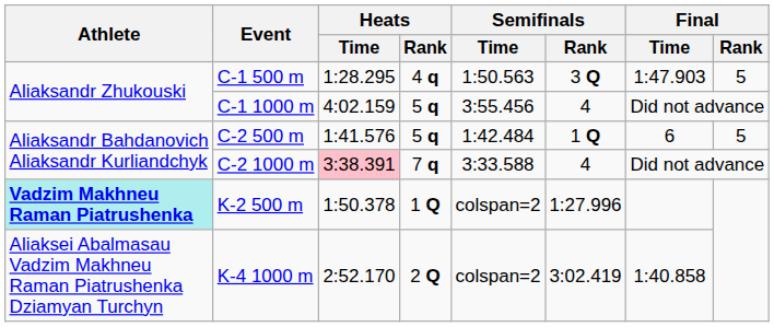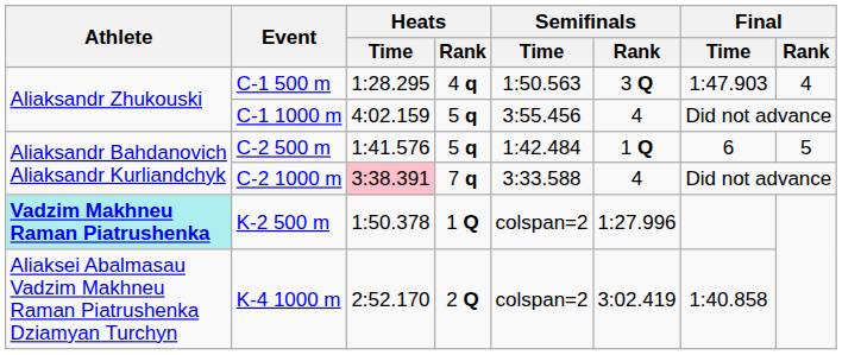 <table class="wikitable" style="font-size:90%">
 <tr>
 <th rowspan=2>Athlete</th>
 <th rowspan=2>Event</th>
 <th colspan=2>Heats</th>
 <th colspan=2>Semifinals</th>
 <th colspan=2>Final</th>
 </tr>
 <tr style="font-size:95%">
 <th>Time</th>
 <th>Rank</th>
 <th>Time</th>
 <th>Rank</th>
 <th>Time</th>
 <th>Rank</th>
 </tr>
 <tr align=center>
 <td align=left rowspan=2><a href='#'>Aliaksandr Zhukouski</a></td>
 <td align=left><a href='#'>C-1 500 m</a></td>
 <td>1:28.295</td>
 <td>4 <strong>q</strong></td>
 <td>1:50.563</td>
 <td>3 <strong>Q</strong></td>
 <td>1:47.903</td>
-<td>5</td>
+<td>4</td>
 </tr>
 <tr align=center>
 <td align=left><a href='#'>C-1 1000 m</a></td>
 <td>4:02.159</td>
 <td>5 <strong>q</strong></td>
 <td>3:55.456</td>
 <td>4</td>
 <td colspan=2>Did not advance</td>
 </tr>
 <tr align=center>
 <td align=left rowspan=2><a href='#'>Aliaksandr Bahdanovich</a><br><a href='#'>Aliaksandr Kurliandchyk</a></td>
 <td align=left><a href='#'>C-2 500 m</a></td>
 <td>1:41.576</td>
 <td>5 <strong>q</strong></td>
 <td>1:42.484</td>
 <td>1 <strong>Q</strong></td>
 <td>6</td>
 <td>5</td>
 </tr>
 <tr align=center>
 <td align=left><a href='#'>C-2 1000 m</a></td>
 <td style="background: pink;">3:38.391</td>
 <td>7 <strong>q</strong></td>
 <td>3:33.588</td>
 <td>4</td>
 <td colspan=2>Did not advance</td>
 </tr>
 <tr align=center>
 <td align=left style="background: paleturquoise;"><strong><a href='#'>Vadzim Makhneu</a><br><a href='#'>Raman Piatrushenka</a></strong></td>
 <td align=left><a href='#'>K-2 500 m</a></td>
 <td>1:50.378</td>
 <td>1 <strong>Q</strong></td>
 <td>colspan=2 </td>
 <td>1:27.996</td>
 <td></td>
 </tr>
 <tr align=center>
 <td align=left><a href='#'>Aliaksei Abalmasau</a><br><a href='#'>Vadzim Makhneu</a><br><a href='#'>Raman Piatrushenka</a><br><a href='#'>Dziamyan Turchyn</a></td>
 <td align=left><a href='#'>K-4 1000 m</a></td>
 <td>2:52.170</td>
 <td>2 <strong>Q</strong></td>
 <td>colspan=2 </td>
 <td>3:02.419</td>
 <td>1:40.858</td>
 </tr>
 </table>
